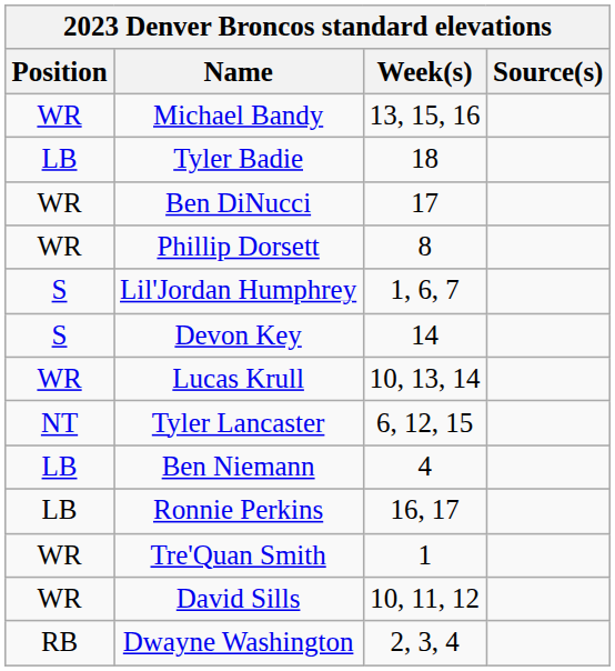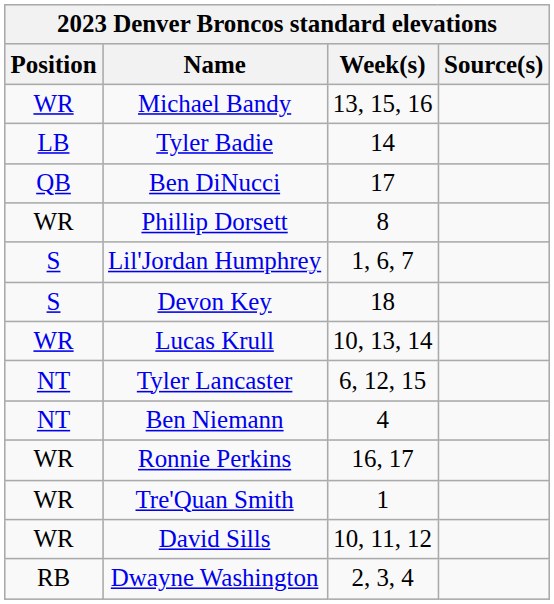 <table class="wikitable" style="text-align:center">
 <tr>
 <th colspan=6>2023 Denver Broncos standard elevations</th>
 </tr>
 <tr>
 <th>Position</th>
 <th>Name</th>
 <th>Week(s)</th>
 <th>Source(s)</th>
 </tr>
 <tr>
 <td><a href='#'>WR</a></td>
 <td><a href='#'>Michael Bandy</a></td>
 <td>13, 15, 16</td>
 <td></td>
 </tr>
 <tr>
 <td><a href='#'>LB</a></td>
 <td><a href='#'>Tyler Badie</a></td>
-<td>18</td>
+<td>14</td>
 <td></td>
 </tr>
 <tr>
-<td>WR</td>
+<td><a href='#'>QB</a></td>
 <td><a href='#'>Ben DiNucci</a></td>
 <td>17</td>
 <td></td>
 </tr>
 <tr>
 <td>WR</td>
 <td><a href='#'>Phillip Dorsett</a></td>
 <td>8</td>
 <td></td>
 </tr>
 <tr>
 <td><a href='#'>S</a></td>
 <td><a href='#'>Lil'Jordan Humphrey</a></td>
 <td>1, 6, 7</td>
 <td></td>
 </tr>
 <tr>
 <td><a href='#'>S</a></td>
 <td><a href='#'>Devon Key</a></td>
-<td>14</td>
+<td>18</td>
 <td></td>
 </tr>
 <tr>
 <td><a href='#'>WR</a></td>
 <td><a href='#'>Lucas Krull</a></td>
 <td>10, 13, 14</td>
 <td></td>
 </tr>
 <tr>
 <td><a href='#'>NT</a></td>
 <td><a href='#'>Tyler Lancaster</a></td>
 <td>6, 12, 15</td>
 <td></td>
 </tr>
 <tr>
-<td><a href='#'>LB</a></td>
+<td><a href='#'>NT</a></td>
 <td><a href='#'>Ben Niemann</a></td>
 <td>4</td>
 <td></td>
 </tr>
 <tr>
-<td>LB</td>
+<td>WR</td>
 <td><a href='#'>Ronnie Perkins</a></td>
 <td>16, 17</td>
 <td></td>
 </tr>
 <tr>
 <td>WR</td>
 <td><a href='#'>Tre'Quan Smith</a></td>
 <td>1</td>
 <td></td>
 </tr>
 <tr>
 <td>WR</td>
 <td><a href='#'>David Sills</a></td>
 <td>10, 11, 12</td>
 <td></td>
 </tr>
 <tr>
 <td>RB</td>
 <td><a href='#'>Dwayne Washington</a></td>
 <td>2, 3, 4</td>
 <td></td>
 </tr>
 </table>
